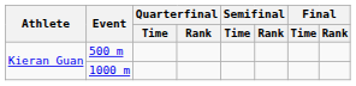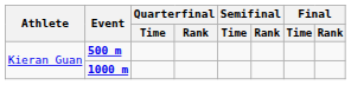 <table class="wikitable" style="font-size:90%">
 <tr>
 <th rowspan=2>Athlete</th>
 <th rowspan=2>Event</th>
 <th colspan=2>Quarterfinal</th>
 <th colspan=2>Semifinal</th>
 <th colspan=2>Final</th>
 </tr>
 <tr style="font-size:95%">
 <th>Time</th>
 <th>Rank</th>
 <th>Time</th>
 <th>Rank</th>
 <th>Time</th>
 <th>Rank</th>
 </tr>
 <tr align=center>
 <td align=left rowspan=2><a href='#'>Kieran Guan</a></td>
-<td align=left><a href='#'>500 m</a></td>
+<td align=left><strong><a href='#'>500 m</a></strong></td>
 <td></td>
 <td></td>
 <td></td>
 <td></td>
 <td></td>
 <td></td>
 </tr>
 <tr align=center>
-<td align=left><a href='#'>1000 m</a></td>
+<td align=left><strong><a href='#'>1000 m</a></strong></td>
 <td></td>
 <td></td>
 <td></td>
 <td></td>
 <td></td>
 <td></td>
 </tr>
 </table>
